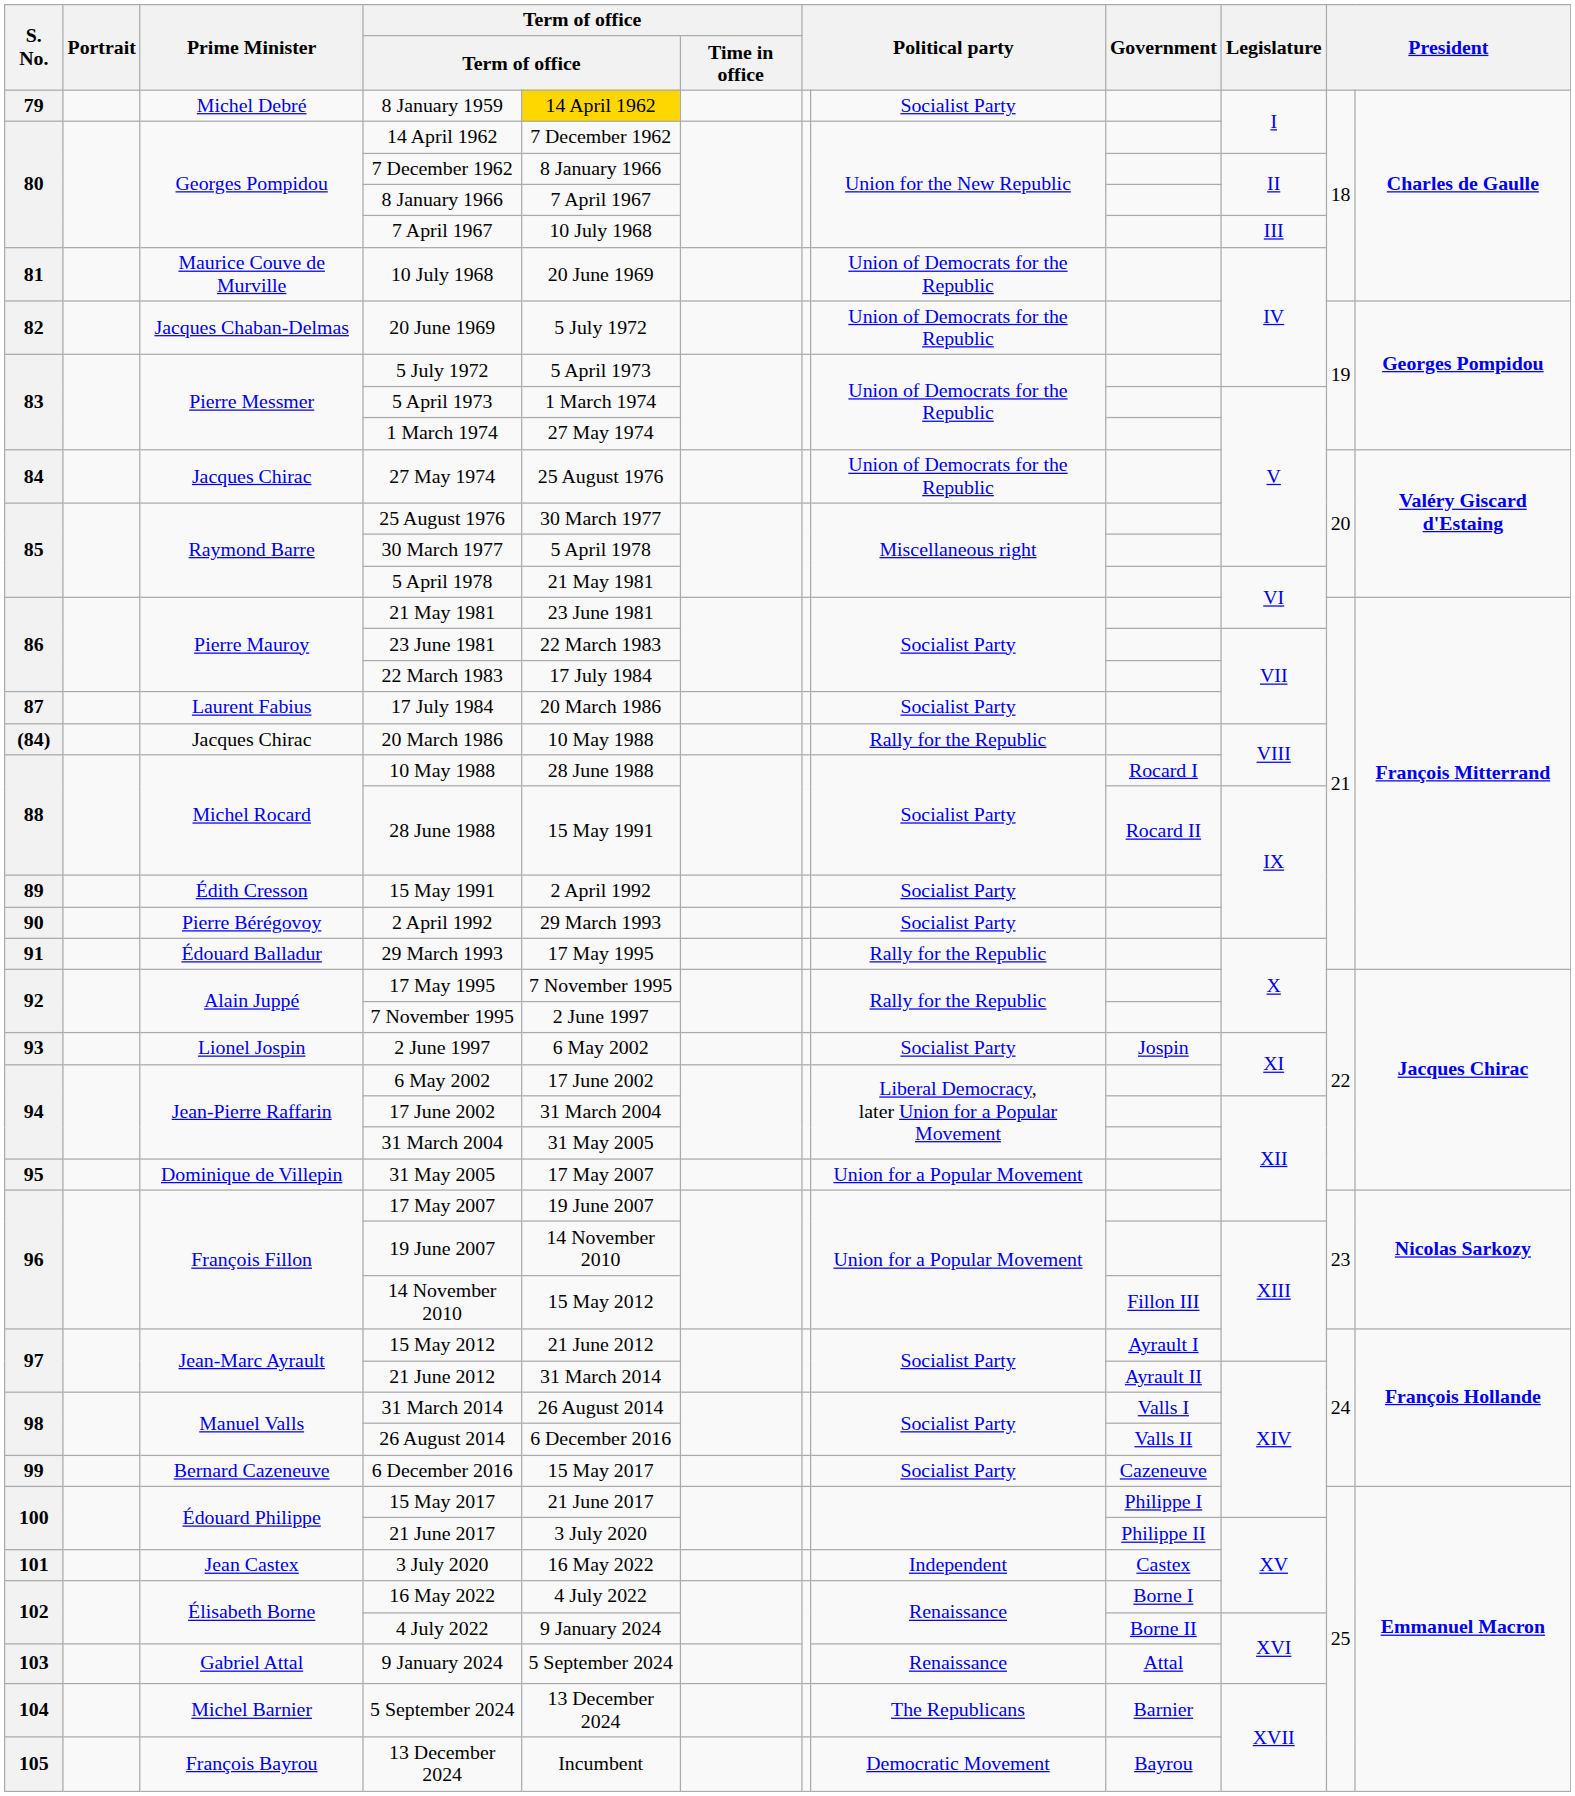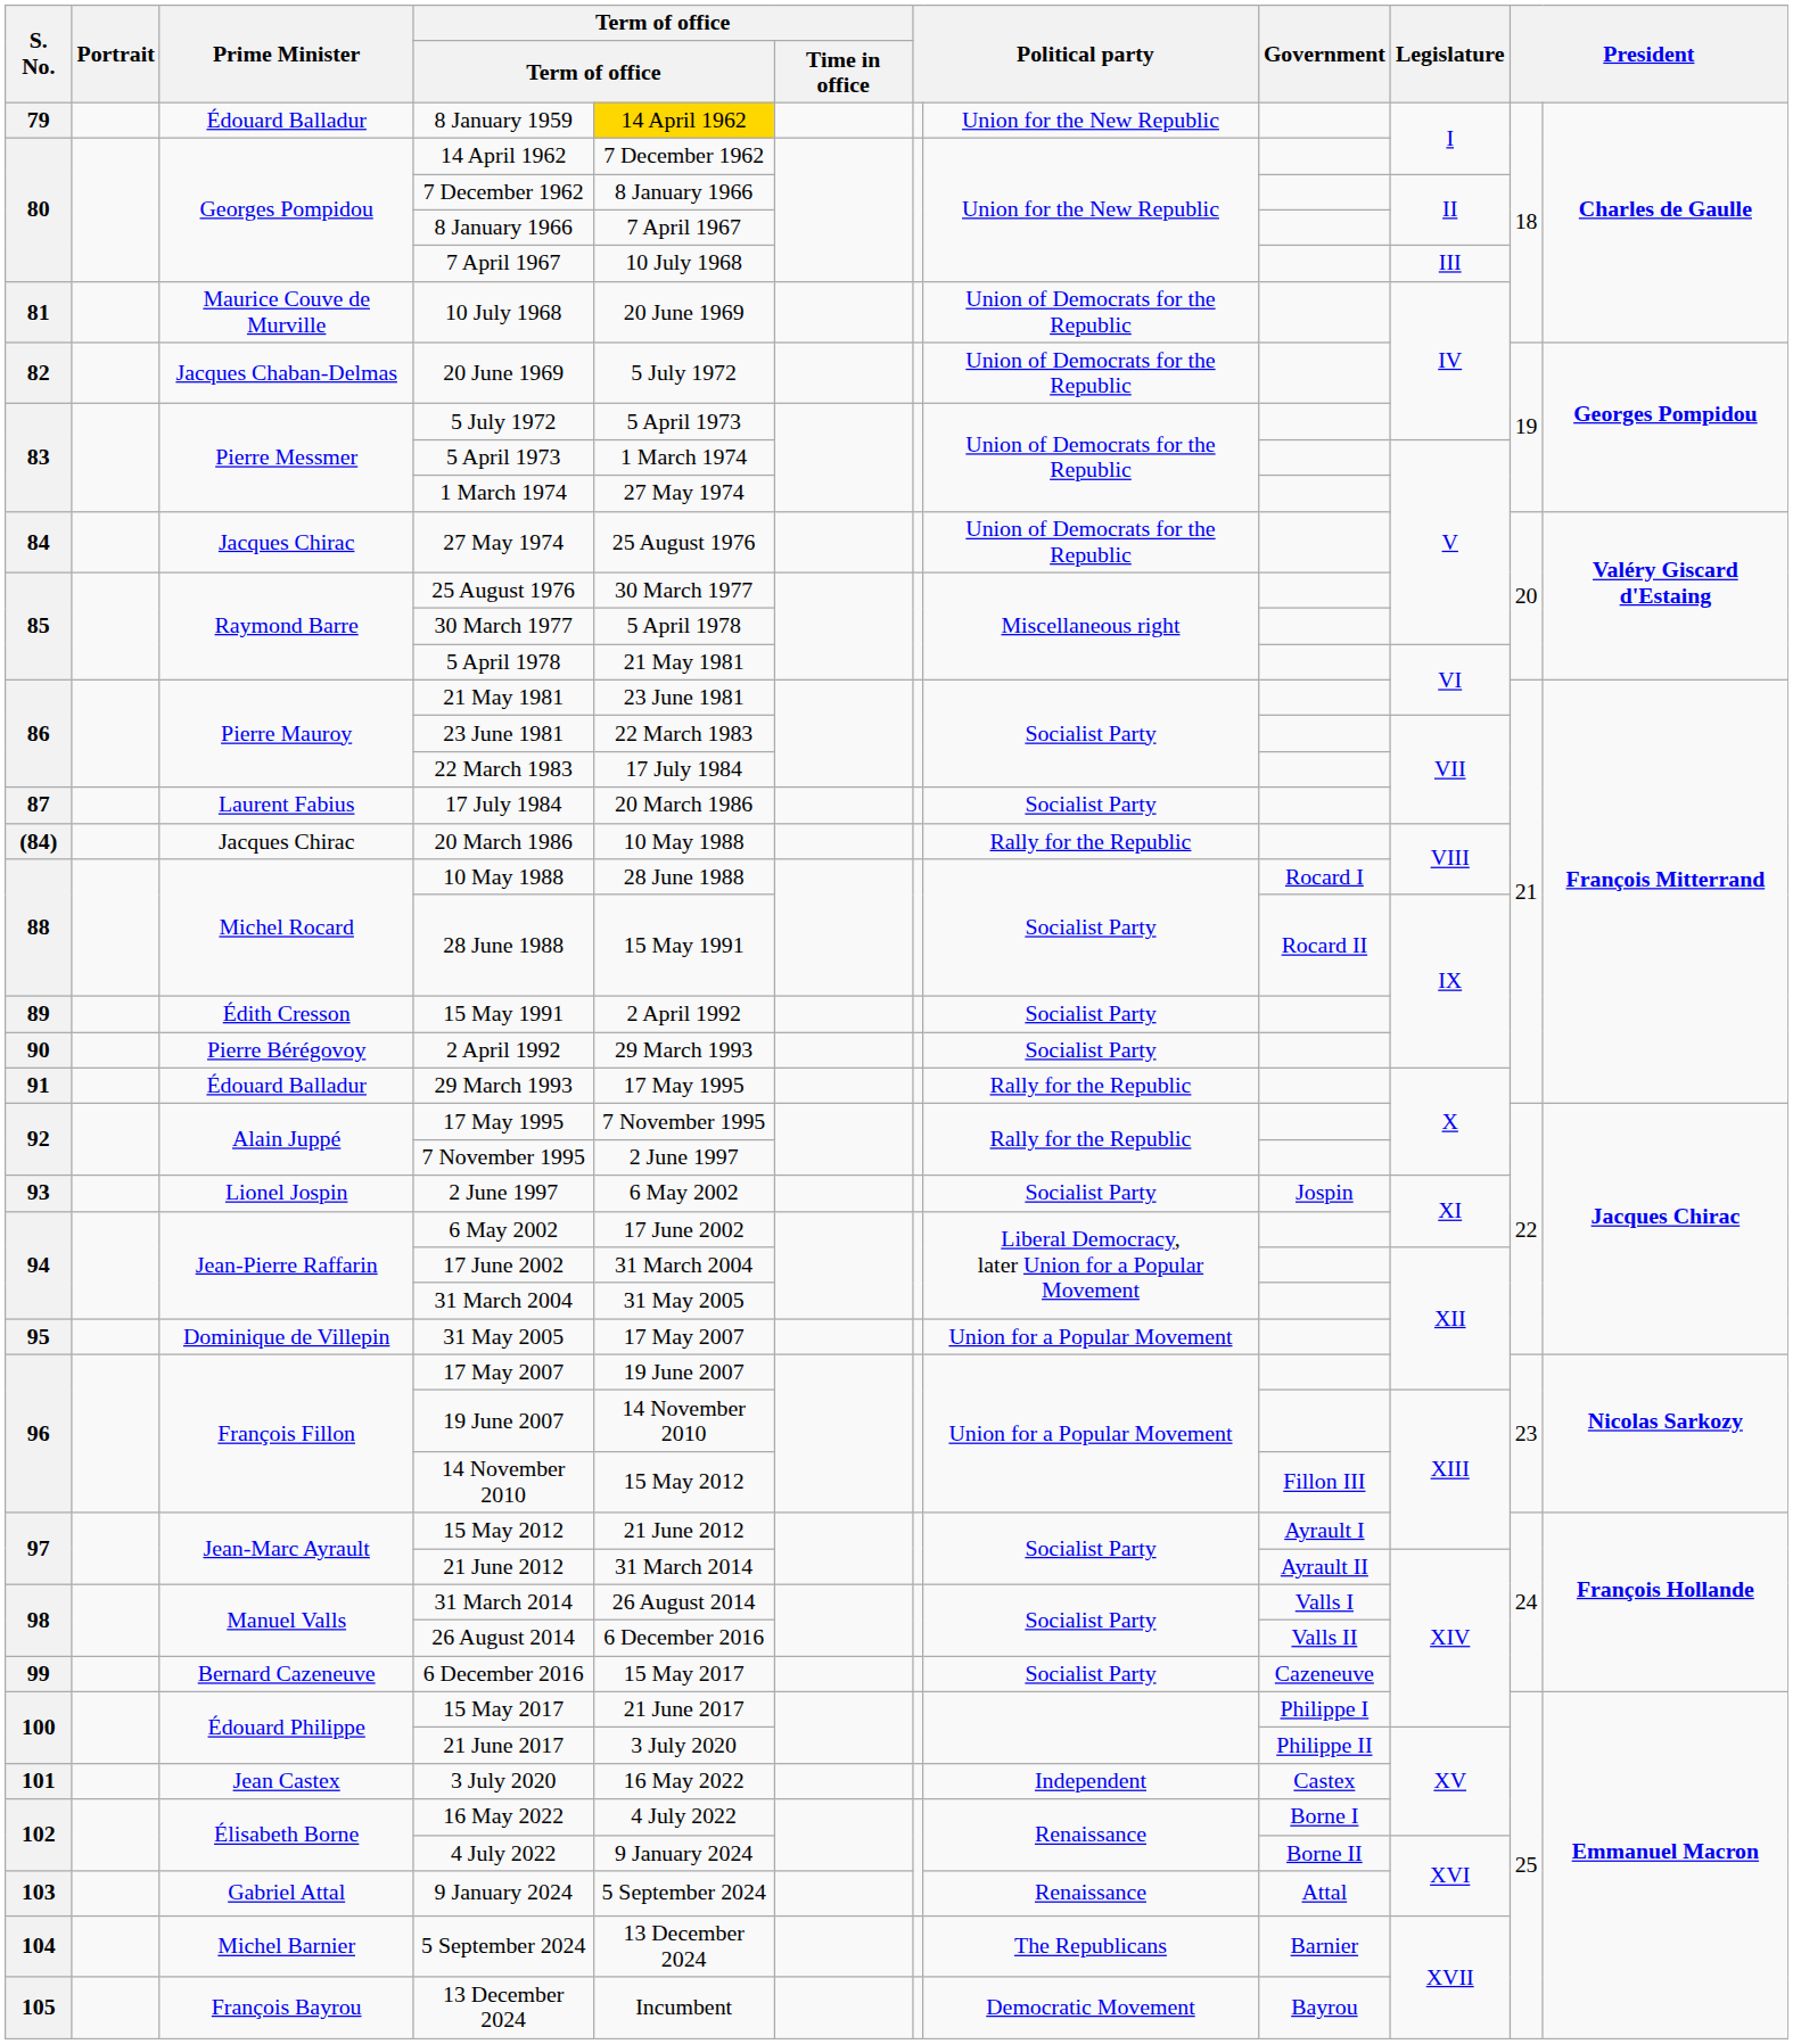 <table class="wikitable" width="100%" style="text-align: center">
 <tr>
 <th rowspan=2>S. No.</th>
 <th rowspan=2>Portrait</th>
 <th rowspan=2>Prime Minister<br></th>
 <th colspan=3>Term of office</th>
 <th colspan=2 rowspan=2>Political party<br></th>
 <th rowspan=2>Government</th>
 <th rowspan=2>Legislature<br></th>
 <th colspan=2 rowspan=2><a href='#'>President</a><br></th>
 </tr>
 <tr>
 <th colspan=2>Term of office</th>
 <th>Time in office</th>
 </tr>
 <tr>
 <th>79</th>
 <td></td>
-<td><a href='#'>Michel Debré</a><br></td>
+<td><a href='#'>Édouard Balladur</a><br></td>
 <td>8 January 1959</td>
 <td style="background: gold;">14 April 1962</td>
 <td></td>
 <td style="background:"></td>
-<td><a href='#'>Socialist Party</a></td>
+<td><a href='#'>Union for the New Republic</a></td>
 <td></td>
 <td rowspan=2><a href='#'>I</a><br></td>
 <td rowspan=6 style="background:">18</td>
 <td rowspan=6><strong><a href='#'>Charles de Gaulle</a></strong><br><br></td>
 </tr>
 <tr>
 <th rowspan=4>80</th>
 <td rowspan=4></td>
 <td rowspan=4><a href='#'>Georges Pompidou</a><br></td>
 <td>14 April 1962</td>
 <td>7 December 1962</td>
 <td rowspan=4></td>
 <td rowspan=4 style="background:"></td>
 <td rowspan=4><a href='#'>Union for the New Republic</a></td>
 <td></td>
 </tr>
 <tr>
 <td>7 December 1962</td>
 <td>8 January 1966</td>
 <td></td>
 <td rowspan=2><a href='#'>II</a><br></td>
 </tr>
 <tr>
 <td>8 January 1966</td>
 <td>7 April 1967</td>
 <td></td>
 </tr>
 <tr>
 <td>7 April 1967</td>
 <td>10 July 1968</td>
 <td></td>
 <td><a href='#'>III</a><br></td>
 </tr>
 <tr>
 <th>81</th>
 <td></td>
 <td><a href='#'>Maurice Couve de Murville</a><br></td>
 <td>10 July 1968</td>
 <td>20 June 1969</td>
 <td></td>
 <td style="background:"></td>
 <td><a href='#'>Union of Democrats for the Republic</a></td>
 <td></td>
 <td rowspan=3><a href='#'>IV</a><br></td>
 </tr>
 <tr>
 <th>82</th>
 <td></td>
 <td><a href='#'>Jacques Chaban-Delmas</a><br></td>
 <td>20 June 1969</td>
 <td>5 July 1972</td>
 <td></td>
 <td style="background:"></td>
 <td><a href='#'>Union of Democrats for the Republic</a></td>
 <td></td>
 <td rowspan=4 style="background:">19</td>
 <td rowspan=4><strong><a href='#'>Georges Pompidou</a></strong><br><br></td>
 </tr>
 <tr>
 <th rowspan=3>83</th>
 <td rowspan=3></td>
 <td rowspan=3><a href='#'>Pierre Messmer</a><br></td>
 <td>5 July 1972</td>
 <td>5 April 1973</td>
 <td rowspan=3></td>
 <td rowspan=3 style="background:"></td>
 <td rowspan=3><a href='#'>Union of Democrats for the Republic</a></td>
 <td></td>
 </tr>
 <tr>
 <td>5 April 1973</td>
 <td>1 March 1974</td>
 <td></td>
 <td rowspan=5><a href='#'>V</a><br></td>
 </tr>
 <tr>
 <td>1 March 1974</td>
 <td>27 May 1974</td>
 <td></td>
 </tr>
 <tr>
 <th>84</th>
 <td></td>
 <td><a href='#'>Jacques Chirac</a><br></td>
 <td>27 May 1974</td>
 <td>25 August 1976</td>
 <td></td>
 <td style="background:"></td>
 <td><a href='#'>Union of Democrats for the Republic</a></td>
 <td></td>
 <td rowspan=4 style="background:">20</td>
 <td rowspan=4><strong><a href='#'>Valéry Giscard d'Estaing</a></strong><br><br></td>
 </tr>
 <tr>
 <th rowspan=3>85</th>
 <td rowspan=3></td>
 <td rowspan=3><a href='#'>Raymond Barre</a><br></td>
 <td>25 August 1976</td>
 <td>30 March 1977</td>
 <td rowspan=3></td>
 <td rowspan=3 style="background:"></td>
 <td rowspan=3><a href='#'>Miscellaneous right</a><br><a href='#'></a></td>
 <td></td>
 </tr>
 <tr>
 <td>30 March 1977</td>
 <td>5 April 1978</td>
 <td></td>
 </tr>
 <tr>
 <td>5 April 1978</td>
 <td>21 May 1981</td>
 <td></td>
 <td rowspan=2><a href='#'>VI</a><br></td>
 </tr>
 <tr>
 <th rowspan=3>86</th>
 <td rowspan=3></td>
 <td rowspan=3><a href='#'>Pierre Mauroy</a><br></td>
 <td>21 May 1981</td>
 <td>23 June 1981</td>
 <td rowspan=3></td>
 <td rowspan=3 style="background:"></td>
 <td rowspan=3><a href='#'>Socialist Party</a></td>
 <td></td>
 <td rowspan=10 style="background:">21</td>
 <td rowspan=10><strong><a href='#'>François Mitterrand</a></strong><br><br></td>
 </tr>
 <tr>
 <td>23 June 1981</td>
 <td>22 March 1983</td>
 <td></td>
 <td rowspan=3><a href='#'>VII</a><br></td>
 </tr>
 <tr>
 <td>22 March 1983</td>
 <td>17 July 1984</td>
 <td></td>
 </tr>
 <tr>
 <th>87</th>
 <td></td>
 <td><a href='#'>Laurent Fabius</a><br></td>
 <td>17 July 1984</td>
 <td>20 March 1986</td>
 <td></td>
 <td style="background:"></td>
 <td><a href='#'>Socialist Party</a></td>
 <td></td>
 </tr>
 <tr>
 <th>(84)</th>
 <td></td>
 <td>Jacques Chirac<br></td>
 <td>20 March 1986</td>
 <td>10 May 1988</td>
 <td></td>
 <td style="background:"></td>
 <td><a href='#'>Rally for the Republic</a></td>
 <td></td>
 <td rowspan=2><a href='#'>VIII</a><br></td>
 </tr>
 <tr>
 <th rowspan=2>88</th>
 <td style="height:90px;" rowspan=2></td>
 <td rowspan=2><a href='#'>Michel Rocard</a><br></td>
 <td>10 May 1988</td>
 <td>28 June 1988</td>
 <td rowspan=2></td>
 <td rowspan=2 style="background:"></td>
 <td rowspan=2><a href='#'>Socialist Party</a></td>
 <td><a href='#'>Rocard I</a></td>
 </tr>
 <tr>
 <td>28 June 1988</td>
 <td>15 May 1991</td>
 <td><a href='#'>Rocard II</a></td>
 <td rowspan=3><a href='#'>IX</a><br></td>
 </tr>
 <tr>
 <th>89</th>
 <td></td>
 <td><a href='#'>Édith Cresson</a><br></td>
 <td>15 May 1991</td>
 <td>2 April 1992</td>
 <td></td>
 <td style="background:"></td>
 <td><a href='#'>Socialist Party</a></td>
 <td></td>
 </tr>
 <tr>
 <th>90</th>
 <td></td>
 <td><a href='#'>Pierre Bérégovoy</a><br></td>
 <td>2 April 1992</td>
 <td>29 March 1993</td>
 <td></td>
 <td style="background:"></td>
 <td><a href='#'>Socialist Party</a></td>
 <td></td>
 </tr>
 <tr>
 <th>91</th>
 <td></td>
 <td><a href='#'>Édouard Balladur</a><br></td>
 <td>29 March 1993</td>
 <td>17 May 1995</td>
 <td></td>
 <td style="background:"></td>
 <td><a href='#'>Rally for the Republic</a></td>
 <td></td>
 <td rowspan=3><a href='#'>X</a><br></td>
 </tr>
 <tr>
 <th rowspan=2>92</th>
 <td rowspan=2></td>
 <td rowspan=2><a href='#'>Alain Juppé</a><br></td>
 <td>17 May 1995</td>
 <td>7 November 1995</td>
 <td rowspan=2></td>
 <td rowspan=2 style="background:"></td>
 <td rowspan=2><a href='#'>Rally for the Republic</a></td>
 <td></td>
 <td rowspan=7 style="background:">22</td>
 <td rowspan=7><strong><a href='#'>Jacques Chirac</a></strong><br><br></td>
 </tr>
 <tr>
 <td>7 November 1995</td>
 <td>2 June 1997</td>
 <td></td>
 </tr>
 <tr>
 <th>93</th>
 <td></td>
 <td><a href='#'>Lionel Jospin</a><br></td>
 <td>2 June 1997</td>
 <td>6 May 2002</td>
 <td></td>
 <td style="background:"></td>
 <td><a href='#'>Socialist Party</a></td>
 <td><a href='#'>Jospin</a></td>
 <td rowspan=2><a href='#'>XI</a><br></td>
 </tr>
 <tr>
 <th rowspan=3>94</th>
 <td rowspan=3></td>
 <td rowspan=3><a href='#'>Jean-Pierre Raffarin</a><br></td>
 <td>6 May 2002</td>
 <td>17 June 2002</td>
 <td rowspan=3></td>
 <td rowspan=3 style="background:"></td>
 <td rowspan=3><a href='#'>Liberal Democracy</a>,<br> later <a href='#'>Union for a Popular Movement</a></td>
 <td></td>
 </tr>
 <tr>
 <td>17 June 2002</td>
 <td>31 March 2004</td>
 <td></td>
 <td rowspan=4><a href='#'>XII</a><br></td>
 </tr>
 <tr>
 <td>31 March 2004</td>
 <td>31 May 2005</td>
 <td></td>
 </tr>
 <tr>
 <th>95</th>
 <td></td>
 <td><a href='#'>Dominique de Villepin</a><br></td>
 <td>31 May 2005</td>
 <td>17 May 2007</td>
 <td></td>
 <td style="background:"></td>
 <td><a href='#'>Union for a Popular Movement</a></td>
 <td></td>
 </tr>
 <tr>
 <th rowspan=3>96</th>
 <td rowspan=3></td>
 <td rowspan=3><a href='#'>François Fillon</a><br></td>
 <td>17 May 2007</td>
 <td>19 June 2007</td>
 <td rowspan=3></td>
 <td rowspan=3 style="background:"></td>
 <td rowspan=3><a href='#'>Union for a Popular Movement</a></td>
 <td></td>
 <td rowspan=3 style="background:">23</td>
 <td rowspan=3><strong><a href='#'>Nicolas Sarkozy</a></strong><br><br></td>
 </tr>
 <tr>
 <td>19 June 2007</td>
 <td>14 November 2010</td>
 <td></td>
 <td rowspan=3><a href='#'>XIII</a><br></td>
 </tr>
 <tr>
 <td>14 November 2010</td>
 <td>15 May 2012</td>
 <td><a href='#'>Fillon III</a></td>
 </tr>
 <tr>
 <th rowspan=2>97</th>
 <td rowspan=2></td>
 <td rowspan=2><a href='#'>Jean-Marc Ayrault</a><br></td>
 <td>15 May 2012</td>
 <td>21 June 2012</td>
 <td rowspan=2></td>
 <td rowspan=2 style="background:"></td>
 <td rowspan=2><a href='#'>Socialist Party</a></td>
 <td><a href='#'>Ayrault I</a></td>
 <td rowspan=5 style="background:">24</td>
 <td rowspan=5><strong><a href='#'>François Hollande</a></strong><br><br></td>
 </tr>
 <tr>
 <td>21 June 2012</td>
 <td>31 March 2014</td>
 <td><a href='#'>Ayrault II</a></td>
 <td rowspan=5><a href='#'>XIV</a><br></td>
 </tr>
 <tr>
 <th rowspan=2>98</th>
 <td rowspan=2></td>
 <td rowspan=2><a href='#'>Manuel Valls</a><br></td>
 <td>31 March 2014</td>
 <td>26 August 2014</td>
 <td rowspan=2></td>
 <td rowspan=2 style="background:"></td>
 <td rowspan=2><a href='#'>Socialist Party</a></td>
 <td><a href='#'>Valls I</a></td>
 </tr>
 <tr>
 <td>26 August 2014</td>
 <td>6 December 2016</td>
 <td><a href='#'>Valls II</a></td>
 </tr>
 <tr>
 <th>99</th>
 <td></td>
 <td><a href='#'>Bernard Cazeneuve</a><br></td>
 <td>6 December 2016</td>
 <td>15 May 2017</td>
 <td></td>
 <td style="background:"></td>
 <td><a href='#'>Socialist Party</a></td>
 <td><a href='#'>Cazeneuve</a></td>
 </tr>
 <tr>
 <th rowspan=2>100</th>
 <td rowspan=2></td>
 <td rowspan=2><a href='#'>Édouard Philippe</a><br></td>
 <td>15 May 2017</td>
 <td>21 June 2017</td>
 <td rowspan=2></td>
 <td rowspan=2 style="background:"></td>
 <td rowspan=2></td>
 <td><a href='#'>Philippe I</a></td>
 <td rowspan=8 style="background:">25</td>
 <td rowspan=8><strong><a href='#'>Emmanuel Macron</a></strong><br><br></td>
 </tr>
 <tr>
 <td>21 June 2017</td>
 <td>3 July 2020</td>
 <td><a href='#'>Philippe II</a></td>
 <td rowspan=3><a href='#'>XV</a><br></td>
 </tr>
 <tr>
 <th>101</th>
 <td></td>
 <td><a href='#'>Jean Castex</a><br></td>
 <td>3 July 2020</td>
 <td>16 May 2022</td>
 <td></td>
 <td style="background:"></td>
 <td><a href='#'>Independent</a></td>
 <td><a href='#'>Castex</a></td>
 </tr>
 <tr>
 <th rowspan=2>102</th>
 <td rowspan=2></td>
 <td rowspan=2><a href='#'>Élisabeth Borne</a><br></td>
 <td>16 May 2022</td>
 <td>4 July 2022</td>
 <td rowspan=2></td>
 <td rowspan=3 style="background:"></td>
 <td rowspan=2><a href='#'>Renaissance</a></td>
 <td><a href='#'>Borne I</a></td>
 </tr>
 <tr>
 <td>4 July 2022</td>
 <td>9 January 2024</td>
 <td><a href='#'>Borne II</a></td>
 <td rowspan=2><a href='#'>XVI</a><br></td>
 </tr>
 <tr style="height:2em">
 <th>103</th>
 <td></td>
 <td><a href='#'>Gabriel Attal</a><br></td>
 <td>9 January 2024</td>
 <td>5 September 2024</td>
 <td></td>
 <td rowspan=1><a href='#'>Renaissance</a></td>
 <td><a href='#'>Attal</a></td>
 </tr>
 <tr style="height:2em">
 <th>104</th>
 <td></td>
 <td><a href='#'>Michel Barnier</a><br></td>
 <td>5 September 2024</td>
 <td>13 December 2024</td>
 <td></td>
 <td style="background:"></td>
 <td><a href='#'>The Republicans</a></td>
 <td><a href='#'>Barnier</a></td>
 <td rowspan=2><a href='#'>XVII</a><br></td>
 </tr>
 <tr style="height:2em">
 <th>105</th>
 <td></td>
 <td><a href='#'>François Bayrou</a><br></td>
 <td>13 December 2024</td>
 <td>Incumbent </td>
 <td></td>
 <td style="background:"></td>
 <td><a href='#'>Democratic Movement</a></td>
 <td><a href='#'>Bayrou</a></td>
 </tr>
 </table>
